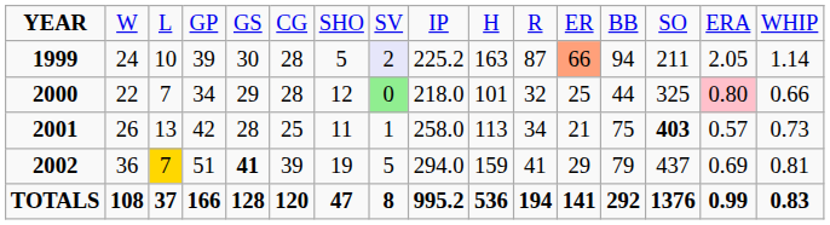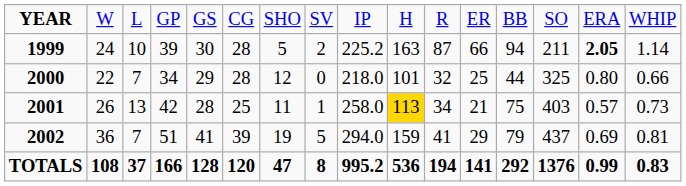 <table class="sortable wikitable">
 <tr align=center>
 <td><strong>YEAR</strong></td>
 <td><a href='#'>W</a></td>
 <td><a href='#'>L</a></td>
 <td><a href='#'>GP</a></td>
 <td><a href='#'>GS</a></td>
 <td><a href='#'>CG</a></td>
 <td><a href='#'>SHO</a></td>
 <td><a href='#'>SV</a></td>
 <td><a href='#'>IP</a></td>
 <td><a href='#'>H</a></td>
 <td><a href='#'>R</a></td>
 <td><a href='#'>ER</a></td>
 <td><a href='#'>BB</a></td>
 <td><a href='#'>SO</a></td>
 <td><a href='#'>ERA</a></td>
 <td><a href='#'>WHIP</a></td>
 </tr>
 <tr align=center>
 <td><strong>1999</strong></td>
 <td>24</td>
 <td>10</td>
 <td>39</td>
 <td>30</td>
 <td>28</td>
 <td>5</td>
-<td style="background: lavender;">2</td>
+<td>2</td>
 <td>225.2</td>
 <td>163</td>
 <td>87</td>
-<td style="background: lightsalmon;">66</td>
+<td>66</td>
 <td>94</td>
 <td>211</td>
-<td>2.05</td>
+<td><strong>2.05</strong></td>
 <td>1.14</td>
 </tr>
 <tr align=center>
 <td><strong>2000</strong></td>
 <td>22</td>
 <td>7</td>
 <td>34</td>
 <td>29</td>
 <td>28</td>
 <td>12</td>
-<td style="background: lightgreen;">0</td>
+<td>0</td>
 <td>218.0</td>
 <td>101</td>
 <td>32</td>
 <td>25</td>
 <td>44</td>
 <td>325</td>
-<td style="background: pink;">0.80</td>
+<td>0.80</td>
 <td>0.66</td>
 </tr>
 <tr align=center>
 <td><strong>2001</strong></td>
 <td>26</td>
 <td>13</td>
 <td>42</td>
 <td>28</td>
 <td>25</td>
 <td>11</td>
 <td>1</td>
 <td>258.0</td>
-<td>113</td>
+<td style="background: gold;">113</td>
 <td>34</td>
 <td>21</td>
 <td>75</td>
-<td><strong>403</strong></td>
+<td>403</td>
 <td>0.57</td>
 <td>0.73</td>
 </tr>
 <tr align=center>
 <td><strong>2002</strong></td>
 <td>36</td>
-<td style="background: gold;">7</td>
+<td>7</td>
 <td>51</td>
-<td><strong>41</strong></td>
+<td>41</td>
 <td>39</td>
 <td>19</td>
 <td>5</td>
 <td>294.0</td>
 <td>159</td>
 <td>41</td>
 <td>29</td>
 <td>79</td>
 <td>437</td>
 <td>0.69</td>
 <td>0.81</td>
 </tr>
 <tr align=center>
 <td><strong>TOTALS</strong></td>
 <td><strong>108</strong></td>
 <td><strong>37</strong></td>
 <td><strong>166</strong></td>
 <td><strong>128</strong></td>
 <td><strong>120</strong></td>
 <td><strong>47</strong></td>
 <td><strong>8</strong></td>
 <td><strong>995.2</strong></td>
 <td><strong>536</strong></td>
 <td><strong>194</strong></td>
 <td><strong>141</strong></td>
 <td><strong>292</strong></td>
 <td><strong>1376</strong></td>
 <td><strong>0.99</strong></td>
 <td><strong>0.83</strong></td>
 </tr>
 </table>
